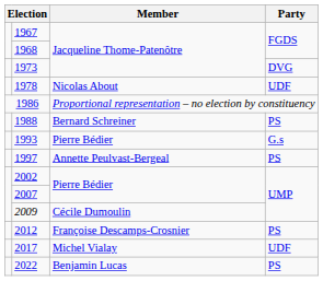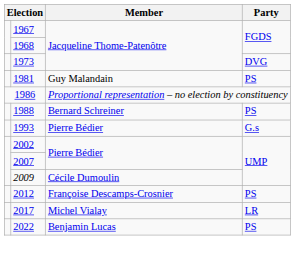 <table class="wikitable">
 <tr>
 <th colspan=2>Election</th>
 <th>Member</th>
 <th>Party</th>
 </tr>
 <tr>
 <td rowspan="2" style="color:inherit;background-color: "></td>
 <td><a href='#'>1967</a></td>
 <td rowspan="3"><a href='#'>Jacqueline Thome-Patenôtre</a></td>
 <td rowspan="2"><a href='#'>FGDS</a></td>
 </tr>
 <tr>
 <td><a href='#'>1968</a></td>
 </tr>
 <tr>
 <td style="color:inherit;background-color: "></td>
 <td><a href='#'>1973</a></td>
 <td><a href='#'>DVG</a></td>
 </tr>
 <tr>
 <td style="color:inherit;background-color: "></td>
-<td><a href='#'>1978</a></td>
-<td><a href='#'>Nicolas About</a></td>
-<td><a href='#'>UDF</a></td>
+<td><a href='#'>1981</a></td>
+<td>Guy Malandain</td>
+<td><a href='#'>PS</a></td>
 </tr>
 <tr>
 <td colspan=2 align="center"><a href='#'>1986</a></td>
 <td colspan=2><em><a href='#'>Proportional representation</a> – no election by constituency</em></td>
 </tr>
 <tr>
 <td style="color:inherit;background-color: "></td>
 <td><a href='#'>1988</a></td>
 <td><a href='#'>Bernard Schreiner</a></td>
 <td><a href='#'>PS</a></td>
 </tr>
 <tr>
 <td style="color:inherit;background-color: "></td>
 <td><a href='#'>1993</a></td>
 <td><a href='#'>Pierre Bédier</a></td>
 <td><a href='#'>G.s</a></td>
-</tr>
-<tr>
-<td style="color:inherit;background-color: "></td>
-<td><a href='#'>1997</a></td>
-<td><a href='#'>Annette Peulvast-Bergeal</a></td>
-<td><a href='#'>PS</a></td>
 </tr>
 <tr>
 <td rowspan="3" style="color:inherit;background-color: "></td>
 <td><a href='#'>2002</a></td>
 <td rowspan="2"><a href='#'>Pierre Bédier</a></td>
 <td rowspan="3"><a href='#'>UMP</a></td>
 </tr>
 <tr>
 <td><a href='#'>2007</a></td>
 </tr>
 <tr>
 <td><em>2009</em></td>
 <td><a href='#'>Cécile Dumoulin</a></td>
 </tr>
 <tr>
 <td style="color:inherit;background-color: "></td>
 <td><a href='#'>2012</a></td>
 <td><a href='#'>Françoise Descamps-Crosnier</a></td>
 <td><a href='#'>PS</a></td>
 </tr>
 <tr>
 <td style="color:inherit;background-color: "></td>
 <td><a href='#'>2017</a></td>
 <td><a href='#'>Michel Vialay</a></td>
-<td><a href='#'>UDF</a></td>
+<td><a href='#'>LR</a></td>
 </tr>
 <tr>
 <td style="color:inherit;background-color: "></td>
 <td><a href='#'>2022</a></td>
 <td><a href='#'>Benjamin Lucas</a></td>
 <td><a href='#'>PS</a></td>
 </tr>
 </table>
